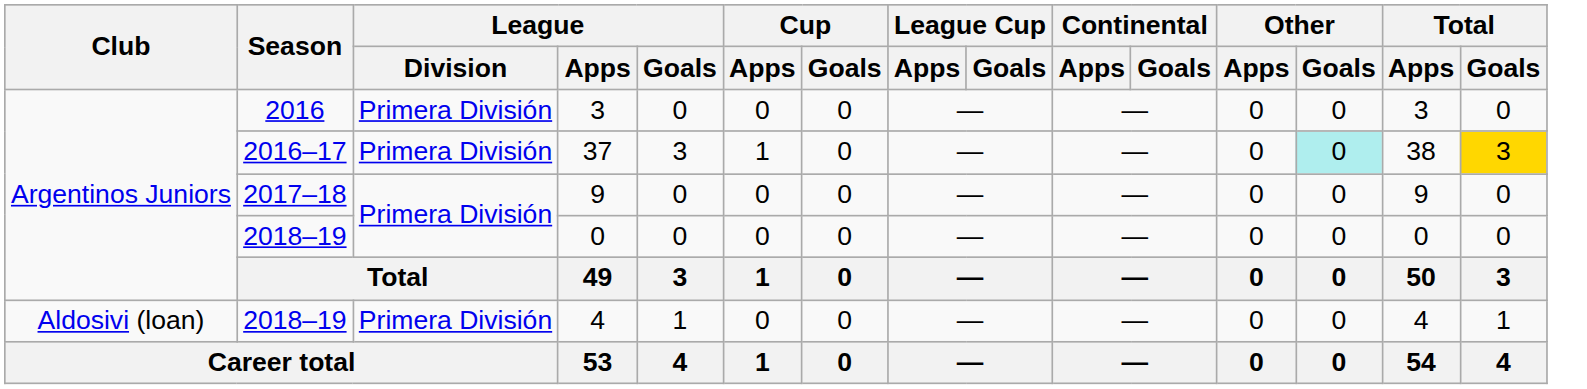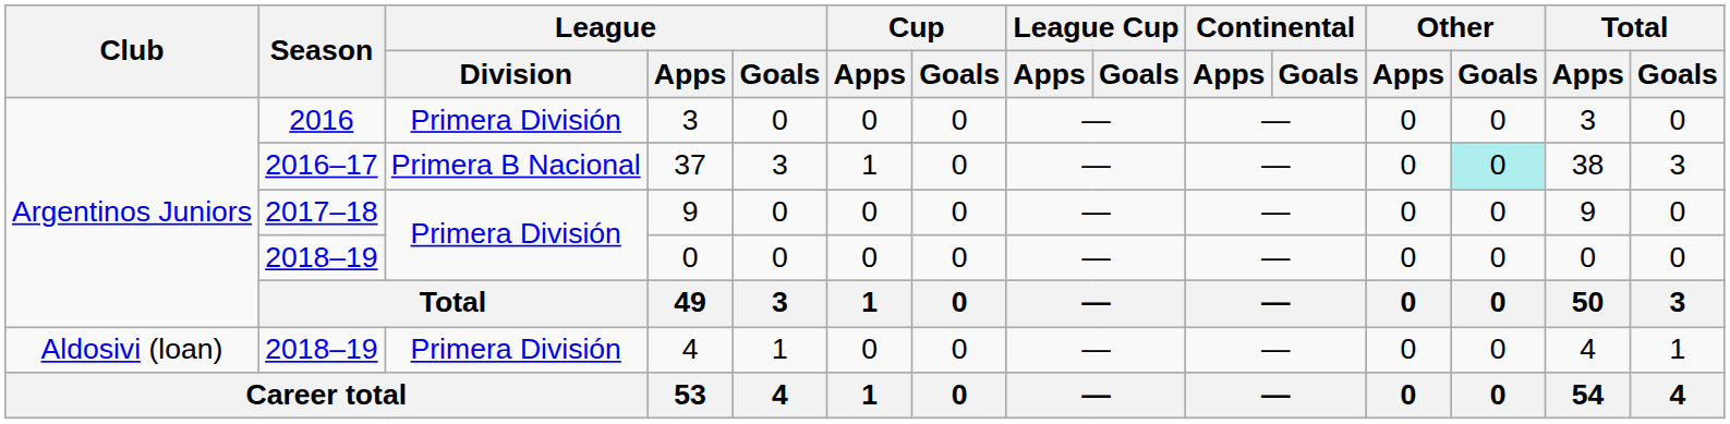 <table class="wikitable" style="text-align:center">
 <tr>
 <th rowspan="2">Club</th>
 <th rowspan="2">Season</th>
 <th colspan="3">League</th>
 <th colspan="2">Cup</th>
 <th colspan="2">League Cup</th>
 <th colspan="2">Continental</th>
 <th colspan="2">Other</th>
 <th colspan="2">Total</th>
 </tr>
 <tr>
 <th>Division</th>
 <th>Apps</th>
 <th>Goals</th>
 <th>Apps</th>
 <th>Goals</th>
 <th>Apps</th>
 <th>Goals</th>
 <th>Apps</th>
 <th>Goals</th>
 <th>Apps</th>
 <th>Goals</th>
 <th>Apps</th>
 <th>Goals</th>
 </tr>
 <tr>
 <td rowspan="5"><a href='#'>Argentinos Juniors</a></td>
 <td><a href='#'>2016</a></td>
 <td rowspan="1"><a href='#'>Primera División</a></td>
 <td>3</td>
 <td>0</td>
 <td>0</td>
 <td>0</td>
 <td colspan="2">—</td>
 <td colspan="2">—</td>
 <td>0</td>
 <td>0</td>
 <td>3</td>
 <td>0</td>
 </tr>
 <tr>
 <td><a href='#'>2016–17</a></td>
-<td rowspan="1"><a href='#'>Primera División</a></td>
+<td rowspan="1"><a href='#'>Primera B Nacional</a></td>
 <td>37</td>
 <td>3</td>
 <td>1</td>
 <td>0</td>
 <td colspan="2">—</td>
 <td colspan="2">—</td>
 <td>0</td>
 <td style="background: paleturquoise;">0</td>
 <td>38</td>
-<td style="background: gold;">3</td>
+<td>3</td>
 </tr>
 <tr>
 <td><a href='#'>2017–18</a></td>
 <td rowspan="2"><a href='#'>Primera División</a></td>
 <td>9</td>
 <td>0</td>
 <td>0</td>
 <td>0</td>
 <td colspan="2">—</td>
 <td colspan="2">—</td>
 <td>0</td>
 <td>0</td>
 <td>9</td>
 <td>0</td>
 </tr>
 <tr>
 <td><a href='#'>2018–19</a></td>
 <td>0</td>
 <td>0</td>
 <td>0</td>
 <td>0</td>
 <td colspan="2">—</td>
 <td colspan="2">—</td>
 <td>0</td>
 <td>0</td>
 <td>0</td>
 <td>0</td>
 </tr>
 <tr>
 <th colspan="2">Total</th>
 <th>49</th>
 <th>3</th>
 <th>1</th>
 <th>0</th>
 <th colspan="2">—</th>
 <th colspan="2">—</th>
 <th>0</th>
 <th>0</th>
 <th>50</th>
 <th>3</th>
 </tr>
 <tr>
 <td rowspan="1"><a href='#'>Aldosivi</a> (loan)</td>
 <td><a href='#'>2018–19</a></td>
 <td rowspan="1"><a href='#'>Primera División</a></td>
 <td>4</td>
 <td>1</td>
 <td>0</td>
 <td>0</td>
 <td colspan="2">—</td>
 <td colspan="2">—</td>
 <td>0</td>
 <td>0</td>
 <td>4</td>
 <td>1</td>
 </tr>
 <tr>
 <th colspan="3">Career total</th>
 <th>53</th>
 <th>4</th>
 <th>1</th>
 <th>0</th>
 <th colspan="2">—</th>
 <th colspan="2">—</th>
 <th>0</th>
 <th>0</th>
 <th>54</th>
 <th>4</th>
 </tr>
 </table>
